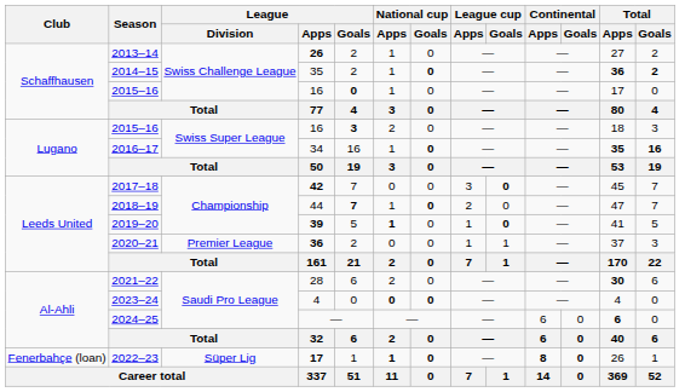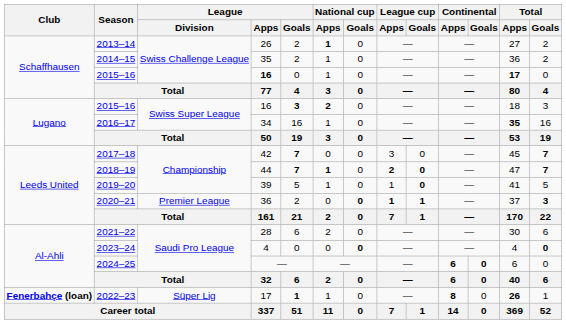 <table class=wikitable style=text-align:center>
 <tr>
 <th rowspan=2>Club</th>
 <th rowspan=2>Season</th>
 <th colspan=3>League</th>
 <th colspan=2>National cup</th>
 <th colspan=2>League cup</th>
 <th colspan=2>Continental</th>
 <th colspan=2>Total</th>
 </tr>
 <tr>
 <th>Division</th>
 <th>Apps</th>
 <th>Goals</th>
 <th>Apps</th>
 <th>Goals</th>
 <th>Apps</th>
 <th>Goals</th>
 <th>Apps</th>
 <th>Goals</th>
 <th>Apps</th>
 <th>Goals</th>
 </tr>
 <tr>
 <td rowspan=4><a href='#'>Schaffhausen</a></td>
 <td><a href='#'>2013–14</a></td>
 <td rowspan="3"><a href='#'>Swiss Challenge League</a></td>
-<td><strong>26</strong></td>
+<td>26</td>
 <td>2</td>
-<td>1</td>
+<td><strong>1</strong></td>
 <td>0</td>
 <td colspan=2>—</td>
 <td colspan=2>—</td>
 <td>27</td>
 <td>2</td>
 </tr>
 <tr>
 <td><a href='#'>2014–15</a></td>
 <td>35</td>
 <td>2</td>
 <td>1</td>
-<td><strong>0</strong></td>
+<td>0</td>
 <td colspan=2>—</td>
 <td colspan=2>—</td>
-<td><strong>36</strong></td>
-<td><strong>2</strong></td>
+<td>36</td>
+<td>2</td>
 </tr>
 <tr>
 <td><a href='#'>2015–16</a></td>
-<td>16</td>
-<td><strong>0</strong></td>
+<td><strong>16</strong></td>
+<td>0</td>
 <td>1</td>
 <td>0</td>
 <td colspan=2>—</td>
 <td colspan=2>—</td>
-<td>17</td>
+<td><strong>17</strong></td>
 <td>0</td>
 </tr>
 <tr>
 <th colspan=2>Total</th>
 <th>77</th>
 <th>4</th>
 <th>3</th>
 <th>0</th>
 <th colspan=2>—</th>
 <th colspan=2>—</th>
 <th>80</th>
 <th>4</th>
 </tr>
 <tr>
 <td rowspan=3><a href='#'>Lugano</a></td>
 <td><a href='#'>2015–16</a></td>
 <td rowspan="2"><a href='#'>Swiss Super League</a></td>
 <td>16</td>
 <td><strong>3</strong></td>
-<td>2</td>
+<td><strong>2</strong></td>
 <td>0</td>
 <td colspan=2>—</td>
 <td colspan=2>—</td>
 <td>18</td>
 <td>3</td>
 </tr>
 <tr>
 <td><a href='#'>2016–17</a></td>
 <td>34</td>
 <td>16</td>
 <td>1</td>
-<td><strong>0</strong></td>
+<td>0</td>
 <td colspan=2>—</td>
 <td colspan=2>—</td>
 <td><strong>35</strong></td>
-<td><strong>16</strong></td>
+<td>16</td>
 </tr>
 <tr>
 <th colspan=2>Total</th>
 <th>50</th>
 <th>19</th>
 <th>3</th>
 <th>0</th>
 <th colspan=2>—</th>
 <th colspan=2>—</th>
 <th>53</th>
 <th>19</th>
 </tr>
 <tr>
 <td rowspan=5><a href='#'>Leeds United</a></td>
 <td><a href='#'>2017–18</a></td>
 <td rowspan="3"><a href='#'>Championship</a></td>
-<td><strong>42</strong></td>
-<td>7</td>
+<td>42</td>
+<td><strong>7</strong></td>
 <td>0</td>
 <td>0</td>
 <td>3</td>
-<td><strong>0</strong></td>
+<td>0</td>
 <td colspan=2>—</td>
 <td>45</td>
-<td>7</td>
+<td><strong>7</strong></td>
 </tr>
 <tr>
 <td><a href='#'>2018–19</a></td>
 <td>44</td>
 <td><strong>7</strong></td>
-<td>1</td>
+<td><strong>1</strong></td>
+<td>0</td>
+<td><strong>2</strong></td>
 <td><strong>0</strong></td>
-<td>2</td>
-<td>0</td>
 <td colspan=2>—</td>
 <td>47</td>
-<td>7</td>
+<td><strong>7</strong></td>
 </tr>
 <tr>
 <td><a href='#'>2019–20</a></td>
-<td><strong>39</strong></td>
+<td>39</td>
 <td>5</td>
-<td><strong>1</strong></td>
+<td>1</td>
 <td>0</td>
 <td>1</td>
 <td><strong>0</strong></td>
 <td colspan=2>—</td>
 <td>41</td>
 <td>5</td>
 </tr>
 <tr>
 <td><a href='#'>2020–21</a></td>
 <td><a href='#'>Premier League</a></td>
-<td><strong>36</strong></td>
+<td>36</td>
 <td>2</td>
 <td>0</td>
-<td>0</td>
-<td>1</td>
-<td>1</td>
+<td><strong>0</strong></td>
+<td><strong>1</strong></td>
+<td><strong>1</strong></td>
 <td colspan=2>—</td>
 <td>37</td>
-<td>3</td>
+<td><strong>3</strong></td>
 </tr>
 <tr>
 <th colspan=2>Total</th>
 <th>161</th>
 <th>21</th>
 <th>2</th>
 <th>0</th>
 <th>7</th>
 <th>1</th>
 <th colspan=2>—</th>
 <th>170</th>
 <th>22</th>
 </tr>
 <tr>
 <td rowspan=4><a href='#'>Al-Ahli</a></td>
 <td><a href='#'>2021–22</a></td>
 <td rowspan=3><a href='#'>Saudi Pro League</a></td>
 <td>28</td>
 <td>6</td>
 <td>2</td>
 <td>0</td>
 <td colspan="2">—</td>
 <td colspan="2">—</td>
-<td><strong>30</strong></td>
+<td>30</td>
 <td>6</td>
 </tr>
 <tr>
 <td><a href='#'>2023–24</a></td>
 <td>4</td>
 <td>0</td>
-<td><strong>0</strong></td>
+<td>0</td>
 <td><strong>0</strong></td>
 <td colspan="2">—</td>
 <td colspan="2">—</td>
 <td>4</td>
-<td>0</td>
+<td><strong>0</strong></td>
 </tr>
 <tr>
 <td><a href='#'>2024–25</a></td>
 <td colspan="2">—</td>
 <td colspan="2">—</td>
 <td colspan="2">—</td>
+<td><strong>6</strong></td>
+<td><strong>0</strong></td>
 <td>6</td>
-<td>0</td>
-<td><strong>6</strong></td>
 <td>0</td>
 </tr>
 <tr>
 <th colspan=2>Total</th>
 <th>32</th>
 <th>6</th>
 <th>2</th>
 <th>0</th>
 <th colspan=2>—</th>
 <th>6</th>
 <th>0</th>
 <th>40</th>
 <th>6</th>
 </tr>
 <tr>
-<td><a href='#'>Fenerbahçe</a> (loan)</td>
+<td><strong><a href='#'>Fenerbahçe</a> (loan)</strong></td>
 <td><a href='#'>2022–23</a></td>
 <td><a href='#'>Süper Lig</a></td>
-<td><strong>17</strong></td>
+<td>17</td>
+<td><strong>1</strong></td>
 <td>1</td>
-<td><strong>1</strong></td>
-<td><strong>0</strong></td>
+<td>0</td>
 <td colspan="2">—</td>
 <td><strong>8</strong></td>
-<td><strong>0</strong></td>
-<td>26</td>
+<td>0</td>
+<td><strong>26</strong></td>
 <td>1</td>
 </tr>
 <tr>
 <th colspan=3>Career total</th>
 <th>337</th>
 <th>51</th>
 <th>11</th>
 <th>0</th>
 <th>7</th>
 <th>1</th>
 <th>14</th>
 <th>0</th>
 <th>369</th>
 <th>52</th>
 </tr>
 </table>
